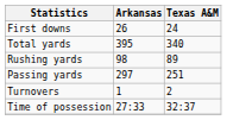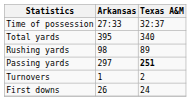 <table class="wikitable" style="float: left;">
 <tr>
 <th>Statistics</th>
 <th>Arkansas</th>
 <th>Texas A&M</th>
 </tr>
 <tr>
-<td>First downs</td>
-<td>26</td>
-<td>24</td>
+<td>Time of possession</td>
+<td>27:33</td>
+<td>32:37</td>
 </tr>
 <tr>
 <td>Total yards</td>
 <td>395</td>
 <td>340</td>
 </tr>
 <tr>
 <td>Rushing yards</td>
 <td>98</td>
 <td>89</td>
 </tr>
 <tr>
 <td>Passing yards</td>
 <td>297</td>
-<td>251</td>
+<td><strong>251</strong></td>
 </tr>
 <tr>
 <td>Turnovers</td>
 <td>1</td>
 <td>2</td>
 </tr>
 <tr>
-<td>Time of possession</td>
-<td>27:33</td>
-<td>32:37</td>
+<td>First downs</td>
+<td>26</td>
+<td>24</td>
 </tr>
 <tr>
 </tr>
 </table>
